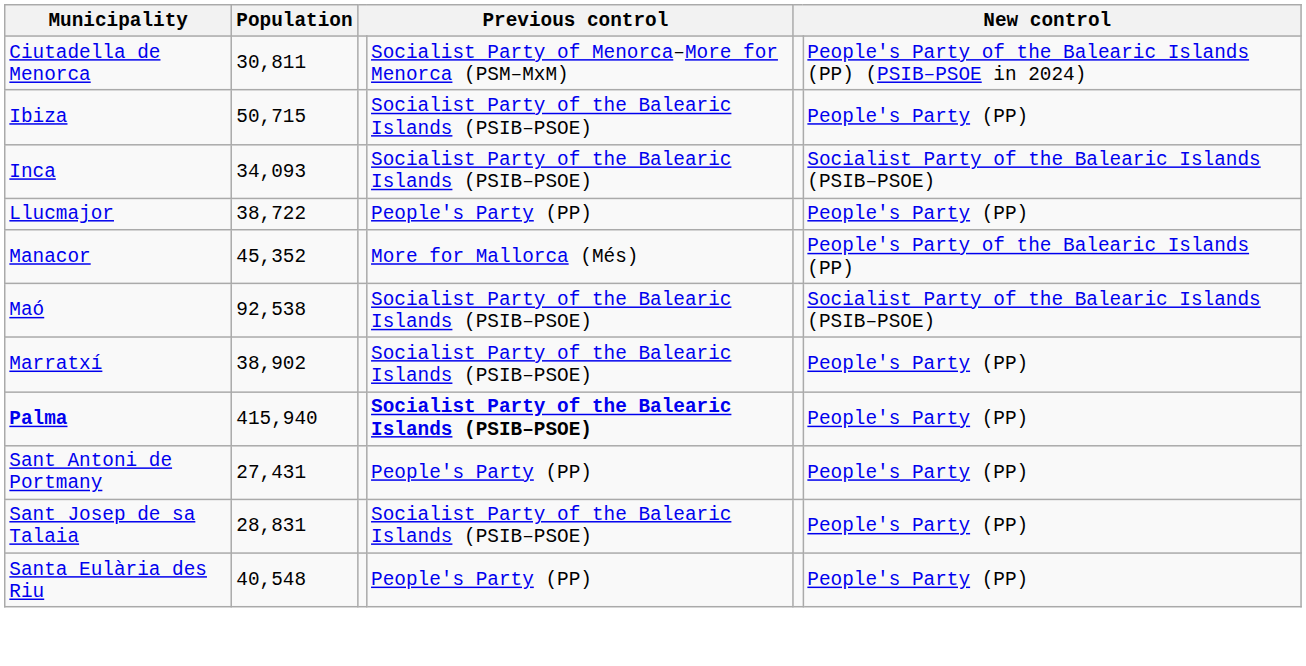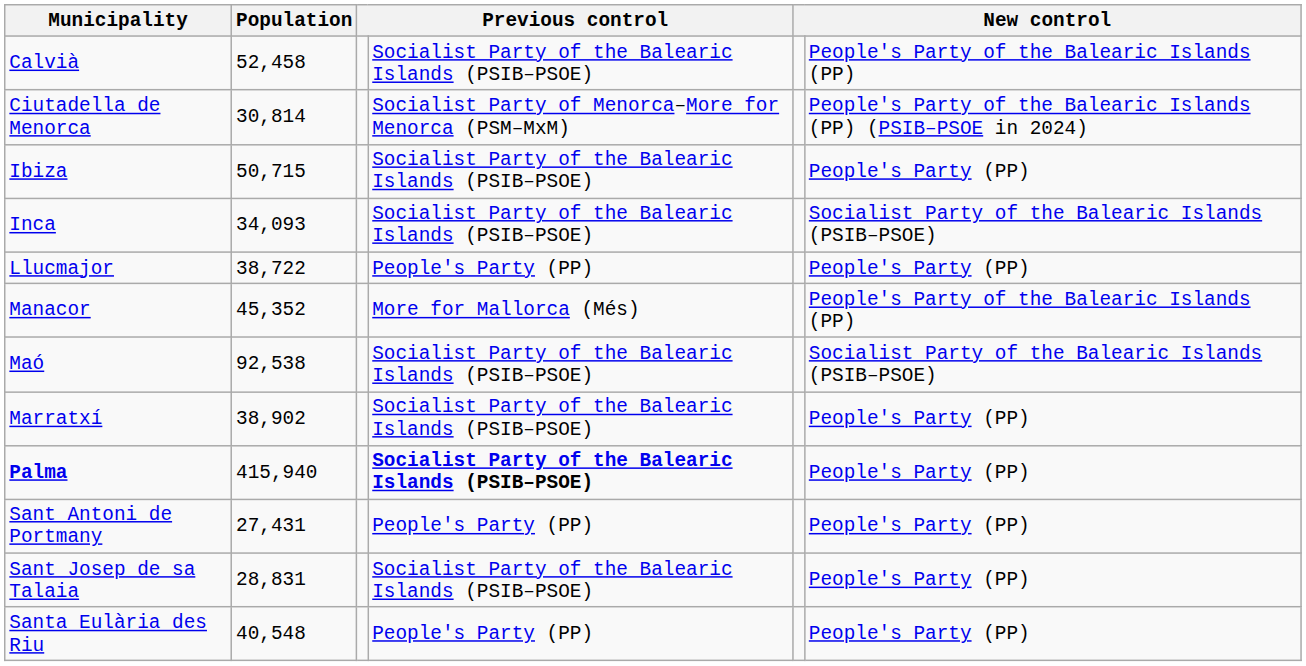 <table class="wikitable sortable">
 <tr>
 <th>Municipality</th>
 <th>Population</th>
 <th colspan="2" style="width:375px;">Previous control</th>
 <th colspan="2" style="width:375px;">New control</th>
 </tr>
 <tr>
+<td><a href='#'>Calvià</a></td>
+<td>52,458</td>
+<td width="1" style="color:inherit;background:"></td>
+<td><a href='#'>Socialist Party of the Balearic Islands</a> (PSIB–PSOE)</td>
+<td width="1" style="color:inherit;background:"></td>
+<td><a href='#'>People's Party of the Balearic Islands</a> (PP)</td>
+</tr>
+<tr>
 <td><a href='#'>Ciutadella de Menorca</a></td>
-<td>30,811</td>
+<td>30,814</td>
 <td style="color:inherit;background:"></td>
 <td><a href='#'>Socialist Party of Menorca</a>–<a href='#'>More for Menorca</a> (PSM–MxM)</td>
 <td style="color:inherit;background:"></td>
 <td><a href='#'>People's Party of the Balearic Islands</a> (PP) (<a href='#'>PSIB–PSOE</a> in 2024)</td>
 </tr>
 <tr>
 <td><a href='#'>Ibiza</a></td>
 <td>50,715</td>
 <td style="color:inherit;background:"></td>
 <td><a href='#'>Socialist Party of the Balearic Islands</a> (PSIB–PSOE)</td>
 <td style="color:inherit;background:"></td>
 <td><a href='#'>People's Party</a> (PP)</td>
 </tr>
 <tr>
 <td><a href='#'>Inca</a></td>
 <td>34,093</td>
 <td style="color:inherit;background:"></td>
 <td><a href='#'>Socialist Party of the Balearic Islands</a> (PSIB–PSOE)</td>
 <td style="color:inherit;background:"></td>
 <td><a href='#'>Socialist Party of the Balearic Islands</a> (PSIB–PSOE)</td>
 </tr>
 <tr>
 <td><a href='#'>Llucmajor</a></td>
 <td>38,722</td>
 <td style="color:inherit;background:"></td>
 <td><a href='#'>People's Party</a> (PP)</td>
 <td style="color:inherit;background:"></td>
 <td><a href='#'>People's Party</a> (PP)</td>
 </tr>
 <tr>
 <td><a href='#'>Manacor</a></td>
 <td>45,352</td>
 <td style="color:inherit;background:"></td>
 <td><a href='#'>More for Mallorca</a> (Més)</td>
 <td style="color:inherit;background:"></td>
 <td><a href='#'>People's Party of the Balearic Islands</a> (PP)</td>
 </tr>
 <tr>
 <td><a href='#'>Maó</a></td>
 <td>92,538</td>
 <td style="color:inherit;background:"></td>
 <td><a href='#'>Socialist Party of the Balearic Islands</a> (PSIB–PSOE)</td>
 <td style="color:inherit;background:"></td>
 <td><a href='#'>Socialist Party of the Balearic Islands</a> (PSIB–PSOE)</td>
 </tr>
 <tr>
 <td><a href='#'>Marratxí</a></td>
 <td>38,902</td>
 <td style="color:inherit;background:"></td>
 <td><a href='#'>Socialist Party of the Balearic Islands</a> (PSIB–PSOE)</td>
 <td style="color:inherit;background:"></td>
 <td><a href='#'>People's Party</a> (PP)</td>
 </tr>
 <tr>
 <td><strong><a href='#'>Palma</a></strong></td>
 <td>415,940</td>
 <td style="color:inherit;background:"></td>
 <td><strong><a href='#'>Socialist Party of the Balearic Islands</a> (PSIB–PSOE)</strong></td>
 <td style="color:inherit;background:"></td>
 <td><a href='#'>People's Party</a> (PP)</td>
 </tr>
 <tr>
 <td><a href='#'>Sant Antoni de Portmany</a></td>
 <td>27,431</td>
 <td style="color:inherit;background:"></td>
 <td><a href='#'>People's Party</a> (PP)</td>
 <td style="color:inherit;background:"></td>
 <td><a href='#'>People's Party</a> (PP)</td>
 </tr>
 <tr>
 <td><a href='#'>Sant Josep de sa Talaia</a></td>
 <td>28,831</td>
 <td style="color:inherit;background:"></td>
 <td><a href='#'>Socialist Party of the Balearic Islands</a> (PSIB–PSOE)</td>
 <td style="color:inherit;background:"></td>
 <td><a href='#'>People's Party</a> (PP)</td>
 </tr>
 <tr>
 <td><a href='#'>Santa Eulària des Riu</a></td>
 <td>40,548</td>
 <td style="color:inherit;background:"></td>
 <td><a href='#'>People's Party</a> (PP)</td>
 <td style="color:inherit;background:"></td>
 <td><a href='#'>People's Party</a> (PP)</td>
 </tr>
 </table>
